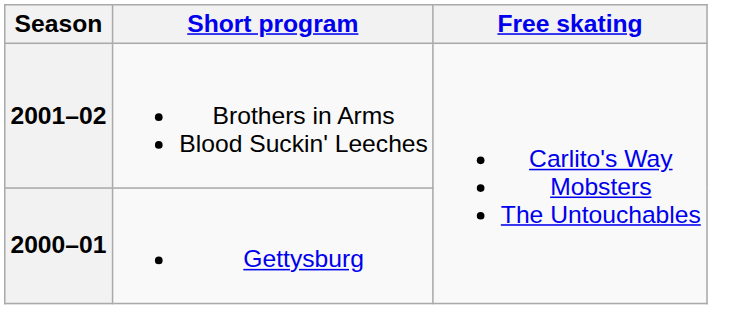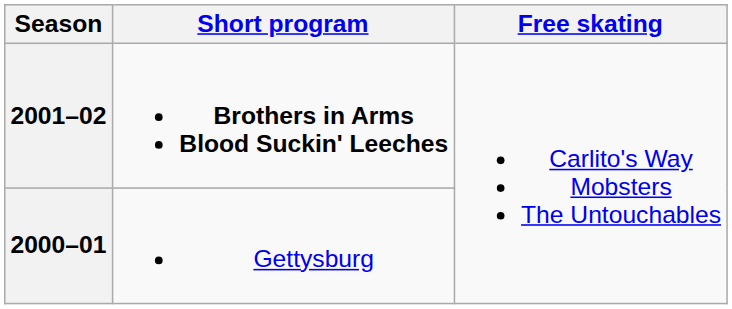 <table class=wikitable style=text-align:center>
 <tr>
 <th>Season</th>
 <th><a href='#'>Short program</a></th>
 <th><a href='#'>Free skating</a></th>
 </tr>
 <tr>
 <th>2001–02 <br> </th>
-<td><br><ul><li>Brothers in Arms <br></li><li>Blood Suckin' Leeches <br></li></ul></td>
+<td><strong><br><ul><li>Brothers in Arms <br></li><li>Blood Suckin' Leeches <br></li></ul></strong></td>
 <td rowspan=2><br><ul><li><a href='#'>Carlito's Way</a> <br></li><li><a href='#'>Mobsters</a> <br></li><li><a href='#'>The Untouchables</a> <br></li></ul></td>
 </tr>
 <tr>
 <th>2000–01 <br> </th>
 <td><br><ul><li><a href='#'>Gettysburg</a> <br></li></ul></td>
 </tr>
 </table>
